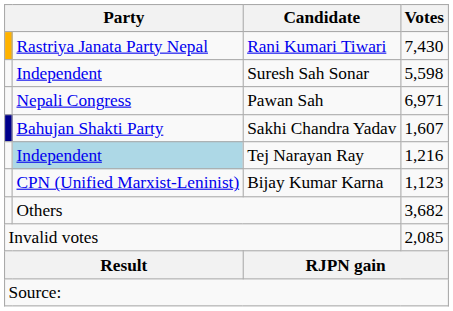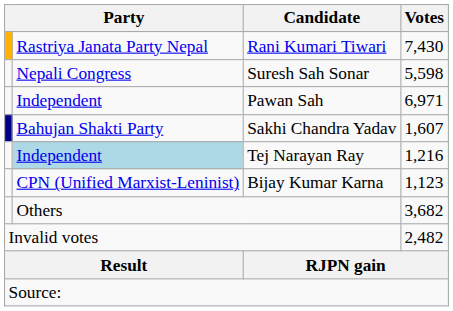 <table class="wikitable">
 <tr>
 <th colspan="2">Party</th>
 <th>Candidate</th>
 <th>Votes</th>
 </tr>
 <tr>
 <td style="background-color:#ffb300"></td>
 <td><a href='#'>Rastriya Janata Party Nepal</a></td>
 <td><a href='#'>Rani Kumari Tiwari</a></td>
 <td>7,430</td>
 </tr>
 <tr>
 <td style="background-color:"></td>
-<td><a href='#'>Independent</a></td>
+<td><a href='#'>Nepali Congress</a></td>
 <td>Suresh Sah Sonar</td>
 <td>5,598</td>
 </tr>
 <tr>
 <td style="background-color:"></td>
-<td><a href='#'>Nepali Congress</a></td>
+<td><a href='#'>Independent</a></td>
 <td>Pawan Sah</td>
 <td>6,971</td>
 </tr>
 <tr>
 <td style="background-color:darkblue"></td>
 <td><a href='#'>Bahujan Shakti Party</a></td>
 <td>Sakhi Chandra Yadav</td>
 <td>1,607</td>
 </tr>
 <tr>
 <td style="background-color:"></td>
 <td style="background: lightblue;"><a href='#'>Independent</a></td>
 <td>Tej Narayan Ray</td>
 <td>1,216</td>
 </tr>
 <tr>
 <td style="background-color:"></td>
 <td><a href='#'>CPN (Unified Marxist-Leninist)</a></td>
 <td>Bijay Kumar Karna</td>
 <td>1,123</td>
 </tr>
 <tr>
 <td></td>
 <td colspan="2">Others</td>
 <td>3,682</td>
 </tr>
 <tr>
 <td colspan="3">Invalid votes</td>
-<td>2,085</td>
+<td>2,482</td>
 </tr>
 <tr>
 <th colspan="2">Result</th>
 <th colspan="2">RJPN gain</th>
 </tr>
 <tr>
 <td colspan="4">Source: </td>
 </tr>
 </table>
